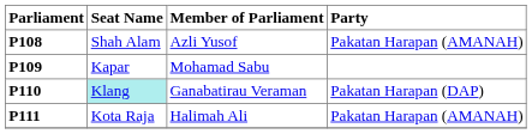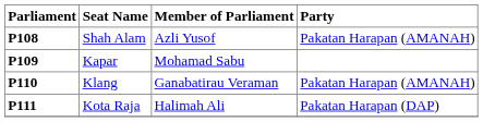 <table class="toccolours sortable" border="1" cellpadding="3" style="border-collapse:collapse; text-align: left;">
 <tr>
 <th align="center">Parliament</th>
 <th>Seat Name</th>
 <th>Member of Parliament</th>
 <th>Party</th>
 </tr>
 <tr>
 <th align="left">P108</th>
 <td><a href='#'>Shah Alam</a></td>
 <td><a href='#'>Azli Yusof</a></td>
 <td><a href='#'>Pakatan Harapan</a> (<a href='#'>AMANAH</a>)</td>
 </tr>
 <tr>
 <th align="left">P109</th>
 <td><a href='#'>Kapar</a></td>
 <td><a href='#'>Mohamad Sabu</a></td>
 <td></td>
 </tr>
 <tr>
 <th align="left">P110</th>
-<td style="background: paleturquoise;"><a href='#'>Klang</a></td>
+<td><a href='#'>Klang</a></td>
 <td><a href='#'>Ganabatirau Veraman</a></td>
-<td><a href='#'>Pakatan Harapan</a> (<a href='#'>DAP</a>)</td>
+<td><a href='#'>Pakatan Harapan</a> (<a href='#'>AMANAH</a>)</td>
 </tr>
 <tr>
 <th align="left">P111</th>
 <td><a href='#'>Kota Raja</a></td>
 <td><a href='#'>Halimah Ali</a></td>
-<td><a href='#'>Pakatan Harapan</a> (<a href='#'>AMANAH</a>)</td>
+<td><a href='#'>Pakatan Harapan</a> (<a href='#'>DAP</a>)</td>
 </tr>
 <tr>
 </tr>
 </table>
